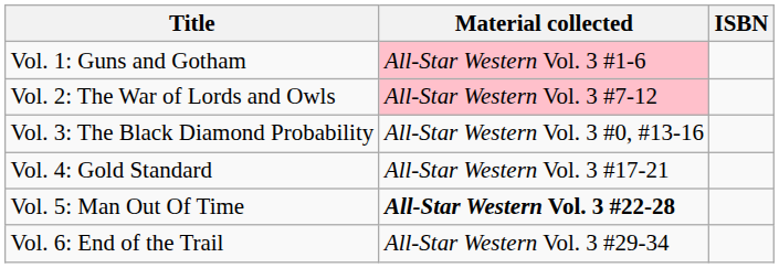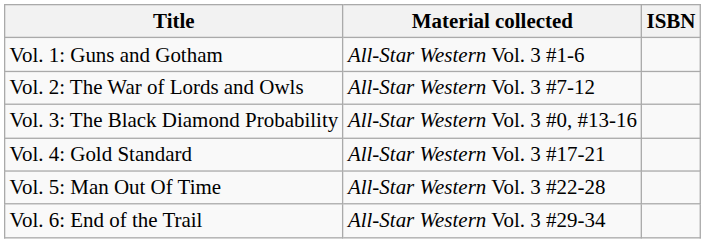 <table class="wikitable">
 <tr>
 <th>Title</th>
 <th>Material collected</th>
 <th>ISBN</th>
 </tr>
 <tr>
 <td>Vol. 1: Guns and Gotham</td>
-<td style="background: pink;"><em>All-Star Western</em> Vol. 3 #1-6</td>
+<td><em>All-Star Western</em> Vol. 3 #1-6</td>
 <td></td>
 </tr>
 <tr>
 <td>Vol. 2: The War of Lords and Owls</td>
-<td style="background: pink;"><em>All-Star Western</em> Vol. 3 #7-12</td>
+<td><em>All-Star Western</em> Vol. 3 #7-12</td>
 <td></td>
 </tr>
 <tr>
 <td>Vol. 3: The Black Diamond Probability</td>
 <td><em>All-Star Western</em> Vol. 3 #0, #13-16</td>
 <td></td>
 </tr>
 <tr>
 <td>Vol. 4: Gold Standard</td>
 <td><em>All-Star Western</em> Vol. 3 #17-21</td>
 <td></td>
 </tr>
 <tr>
 <td>Vol. 5: Man Out Of Time</td>
-<td><strong><em>All-Star Western</em> Vol. 3 #22-28</strong></td>
+<td><em>All-Star Western</em> Vol. 3 #22-28</td>
 <td></td>
 </tr>
 <tr>
 <td>Vol. 6: End of the Trail</td>
 <td><em>All-Star Western</em> Vol. 3 #29-34</td>
 <td></td>
 </tr>
 </table>
